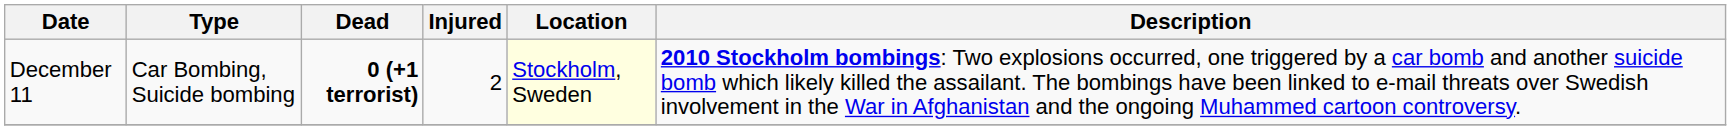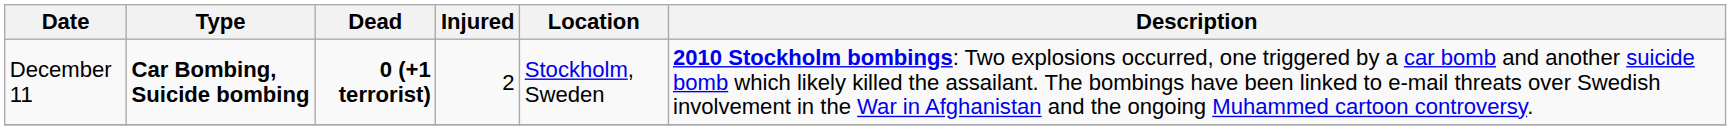 <table class="wikitable sortable" id="terrorIncidents2010Dec">
 <tr>
 <th>Date</th>
 <th>Type</th>
 <th>Dead</th>
 <th>Injured</th>
 <th>Location</th>
 <th>Description</th>
 </tr>
 <tr>
 <td>December 11</td>
-<td>Car Bombing, Suicide bombing</td>
+<td><strong>Car Bombing, Suicide bombing</strong></td>
 <td align="right"><strong>0 (+1 terrorist)</strong></td>
 <td align="right">2</td>
-<td style="background: lightyellow;"><a href='#'>Stockholm</a>, Sweden</td>
+<td><a href='#'>Stockholm</a>, Sweden</td>
 <td><strong><a href='#'>2010 Stockholm bombings</a></strong>: Two explosions occurred, one triggered by a <a href='#'>car bomb</a> and another <a href='#'>suicide bomb</a> which likely killed the assailant. The bombings have been linked to e-mail threats over Swedish involvement in the <a href='#'>War in Afghanistan</a> and the ongoing <a href='#'>Muhammed cartoon controversy</a>.</td>
 </tr>
 <tr>
 </tr>
 </table>
